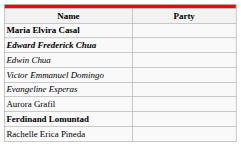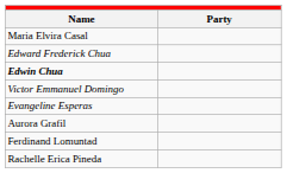 <table class=wikitable style="font-size:90%">
 <tr>
 <td colspan=4 bgcolor=ff0000></td>
 </tr>
 <tr>
 <th width=200px>Name</th>
 <th colspan=2 width=160px>Party</th>
 </tr>
 <tr>
-<td><strong>Maria Elvira Casal</strong></td>
+<td>Maria Elvira Casal</td>
 <td></td>
 </tr>
 <tr 1>
-<td><strong><em>Edward Frederick Chua</em></strong></td>
+<td><em>Edward Frederick Chua</em></td>
 <td></td>
 </tr>
 <tr 1>
-<td><em>Edwin Chua</em></td>
+<td><strong><em>Edwin Chua</em></strong></td>
 <td></td>
 </tr>
 <tr 1>
 <td><em>Victor Emmanuel Domingo</em></td>
 <td></td>
 </tr>
 <tr 1>
 <td><em>Evangeline Esperas</em></td>
 <td></td>
 </tr>
 <tr 1>
 <td>Aurora Grafil</td>
 <td></td>
 </tr>
 <tr>
-<td><strong>Ferdinand Lomuntad</strong></td>
+<td>Ferdinand Lomuntad</td>
 <td></td>
 </tr>
 <tr>
 <td>Rachelle Erica Pineda</td>
 <td></td>
 </tr>
 </table>
